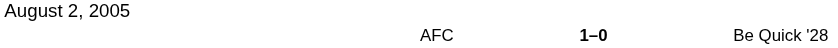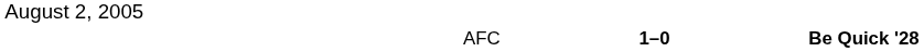 <table width=80% cellspacing=1>
 <tr>
 <th width=23%></th>
 <th width=14%></th>
 <th width=23%></th>
 </tr>
 <tr>
 <td>August 2, 2005</td>
 </tr>
 <tr style=font-size:90% valign="top" style="background:#ccffcc;">
 <td align=right>AFC</td>
 <td align=center><strong>1–0</strong></td>
-<td>Be Quick '28</td>
+<td><strong>Be Quick '28</strong></td>
 </tr>
 <tr>
 </tr>
 </table>
